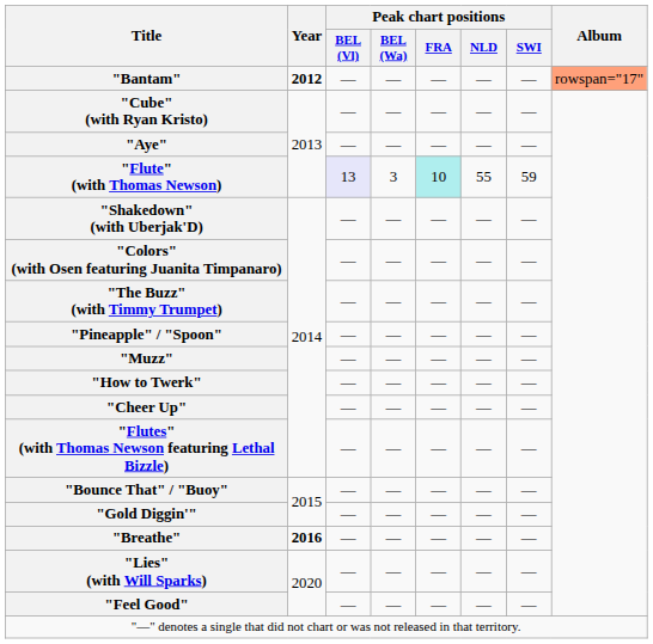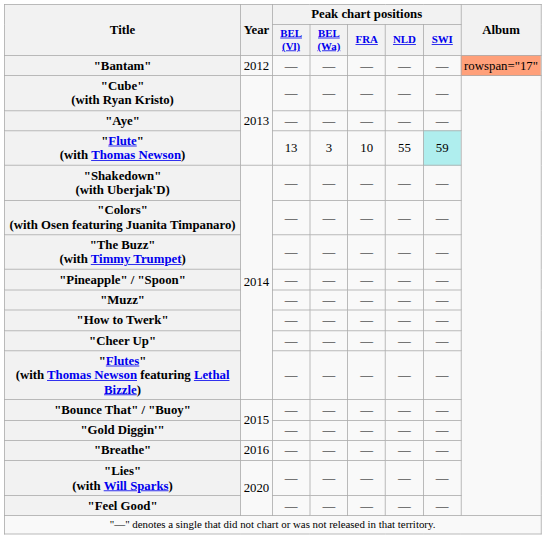 <table class="wikitable plainrowheaders" style="text-align:center;">
 <tr>
 <th scope="col" rowspan="2" style="width:18em;">Title</th>
 <th scope="col" rowspan="2">Year</th>
 <th scope="col" colspan="5">Peak chart positions</th>
 <th scope="col" rowspan="2">Album</th>
 </tr>
 <tr>
 <th scope="col" style="width:3em;font-size:85%;"><a href='#'>BEL<br>(Vl)</a><br></th>
 <th scope="col" style="width:3em;font-size:85%;"><a href='#'>BEL<br>(Wa)</a><br></th>
 <th scope="col" style="width:3em;font-size:85%;"><a href='#'>FRA</a><br></th>
 <th scope="col" style="width:3em;font-size:85%;"><a href='#'>NLD</a><br></th>
 <th scope="col" style="width:3em;font-size:85%;"><a href='#'>SWI</a><br></th>
 </tr>
 <tr>
 <th scope="row">"Bantam"</th>
-<td><strong>2012</strong></td>
+<td>2012</td>
 <td>—</td>
 <td>—</td>
 <td>—</td>
 <td>—</td>
 <td>—</td>
 <td style="background: lightsalmon;">rowspan="17" </td>
 </tr>
 <tr>
 <th scope="row">"Cube"<br><span>(with Ryan Kristo)</span></th>
 <td rowspan="3">2013</td>
 <td>—</td>
 <td>—</td>
 <td>—</td>
 <td>—</td>
 <td>—</td>
 </tr>
 <tr>
 <th scope="row">"Aye"</th>
 <td>—</td>
 <td>—</td>
 <td>—</td>
 <td>—</td>
 <td>—</td>
 </tr>
 <tr>
 <th scope="row">"<a href='#'>Flute</a>"<br><span>(with <a href='#'>Thomas Newson</a>)</span></th>
-<td style="background: lavender;">13</td>
+<td>13</td>
 <td>3</td>
-<td style="background: paleturquoise;">10</td>
+<td>10</td>
 <td>55</td>
-<td>59</td>
+<td style="background: paleturquoise;">59</td>
 </tr>
 <tr>
 <th scope="row">"Shakedown"<br><span>(with Uberjak'D)</span></th>
 <td rowspan="8">2014</td>
 <td>—</td>
 <td>—</td>
 <td>—</td>
 <td>—</td>
 <td>—</td>
 </tr>
 <tr>
 <th scope="row">"Colors"<br><span>(with Osen featuring Juanita Timpanaro)</span></th>
 <td>—</td>
 <td>—</td>
 <td>—</td>
 <td>—</td>
 <td>—</td>
 </tr>
 <tr>
 <th scope="row">"The Buzz"<br><span>(with <a href='#'>Timmy Trumpet</a>)</span></th>
 <td>—</td>
 <td>—</td>
 <td>—</td>
 <td>—</td>
 <td>—</td>
 </tr>
 <tr>
 <th scope="row">"Pineapple" / "Spoon"</th>
 <td>—</td>
 <td>—</td>
 <td>—</td>
 <td>—</td>
 <td>—</td>
 </tr>
 <tr>
 <th scope="row">"Muzz"</th>
 <td>—</td>
 <td>—</td>
 <td>—</td>
 <td>—</td>
 <td>—</td>
 </tr>
 <tr>
 <th scope="row">"How to Twerk"</th>
 <td>—</td>
 <td>—</td>
 <td>—</td>
 <td>—</td>
 <td>—</td>
 </tr>
 <tr>
 <th scope="row">"Cheer Up"</th>
 <td>—</td>
 <td>—</td>
 <td>—</td>
 <td>—</td>
 <td>—</td>
 </tr>
 <tr>
 <th scope="row">"<a href='#'>Flutes</a>" <br><span>(with <a href='#'>Thomas Newson</a> featuring <a href='#'>Lethal Bizzle</a>)</span></th>
 <td>—</td>
 <td>—</td>
 <td>—</td>
 <td>—</td>
 <td>—</td>
 </tr>
 <tr>
 <th scope="row">"Bounce That" / "Buoy"</th>
 <td rowspan="2">2015</td>
 <td>—</td>
 <td>—</td>
 <td>—</td>
 <td>—</td>
 <td>—</td>
 </tr>
 <tr>
 <th scope="row">"Gold Diggin'"</th>
 <td>—</td>
 <td>—</td>
 <td>—</td>
 <td>—</td>
 <td>—</td>
 </tr>
 <tr>
 <th scope="row">"Breathe"</th>
-<td><strong>2016</strong></td>
+<td>2016</td>
 <td>—</td>
 <td>—</td>
 <td>—</td>
 <td>—</td>
 <td>—</td>
 </tr>
 <tr>
 <th scope="row">"Lies" <br><span>(with <a href='#'>Will Sparks</a>)</span></th>
 <td rowspan="2">2020</td>
 <td>—</td>
 <td>—</td>
 <td>—</td>
 <td>—</td>
 <td>—</td>
 </tr>
 <tr>
 <th scope="row">"Feel Good"</th>
 <td>—</td>
 <td>—</td>
 <td>—</td>
 <td>—</td>
 <td>—</td>
 </tr>
 <tr>
 <td colspan="20" style="font-size:85%">"—" denotes a single that did not chart or was not released in that territory.</td>
 </tr>
 </table>
